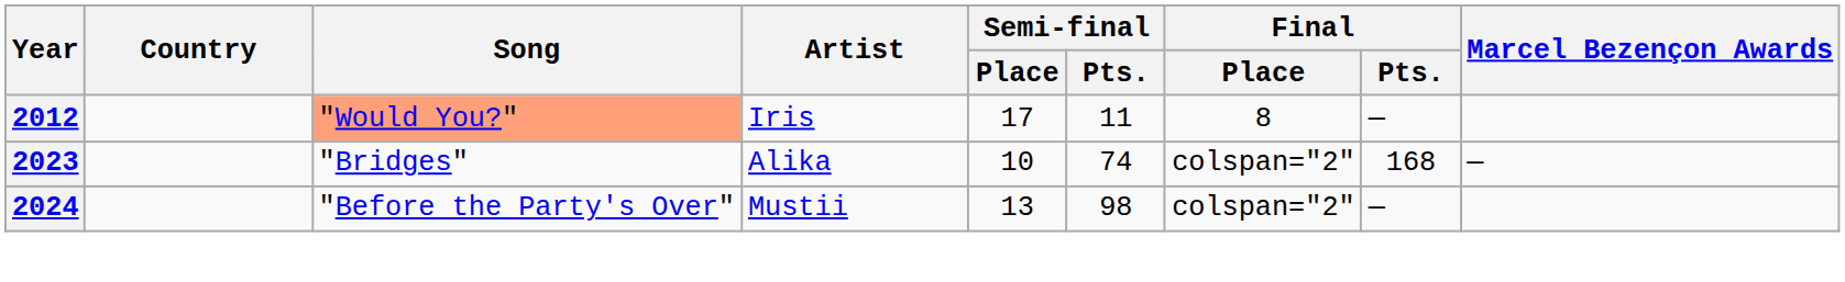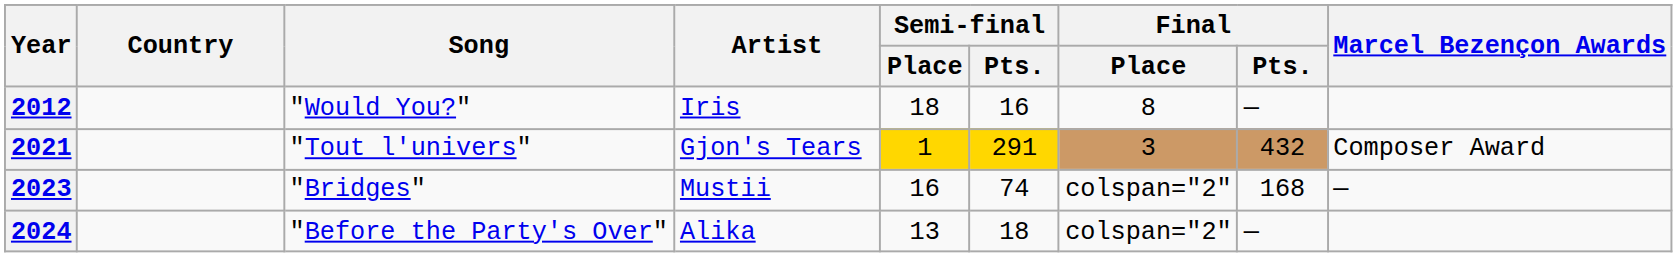 <table class="sortable wikitable plainrowheaders">
 <tr>
 <th scope="col" rowspan="2">Year</th>
 <th scope="col" rowspan="2" width="100px">Country</th>
 <th scope="col" rowspan="2">Song</th>
 <th scope="col" rowspan="2" width="100px">Artist</th>
 <th scope="col" colspan="2">Semi-final</th>
 <th scope="col" colspan="2">Final</th>
 <th scope="col" rowspan="2"><a href='#'>Marcel Bezençon Awards</a></th>
 </tr>
 <tr>
 <th scope="col" width="40px">Place</th>
 <th scope="col" width="40px">Pts.</th>
 <th scope="col" width="40px">Place</th>
 <th scope="col" width="40px">Pts.</th>
 </tr>
 <tr>
 <th scope="row" style="text-align:center"><a href='#'>2012</a></th>
 <td></td>
-<td style="background: lightsalmon;">"<a href='#'>Would You?</a>"</td>
+<td>"<a href='#'>Would You?</a>"</td>
 <td><a href='#'>Iris</a></td>
-<td align="center">17</td>
-<td align="center">11</td>
+<td align="center">18</td>
+<td align="center">16</td>
 <td align="center">8</td>
 <td>—</td>
+</tr>
+<tr>
+<th scope="row" style="text-align:center"><a href='#'>2021</a></th>
+<td></td>
+<td>"<a href='#'>Tout l'univers</a>"</td>
+<td><a href='#'>Gjon's Tears</a></td>
+<td bgcolor="gold" align="center">1</td>
+<td bgcolor="gold" align="center">291</td>
+<td bgcolor="#C96" align="center">3</td>
+<td bgcolor="#C96" align="center">432</td>
+<td>Composer Award</td>
 </tr>
 <tr>
 <th scope="row" style="text-align:center"><a href='#'>2023</a></th>
 <td></td>
 <td>"<a href='#'>Bridges</a>"</td>
-<td><a href='#'>Alika</a></td>
-<td align="center">10</td>
+<td><a href='#'>Mustii</a></td>
+<td align="center">16</td>
 <td align="center">74</td>
 <td>colspan="2" </td>
 <td align="center">168</td>
 <td>—</td>
 </tr>
 <tr>
 <th scope="row" style="text-align:center"><a href='#'>2024</a></th>
 <td></td>
 <td>"<a href='#'>Before the Party's Over</a>"</td>
-<td><a href='#'>Mustii</a></td>
+<td><a href='#'>Alika</a></td>
 <td align="center">13</td>
-<td align="center">98</td>
+<td align="center">18</td>
 <td>colspan="2" </td>
 <td>—</td>
 </tr>
 </table>
